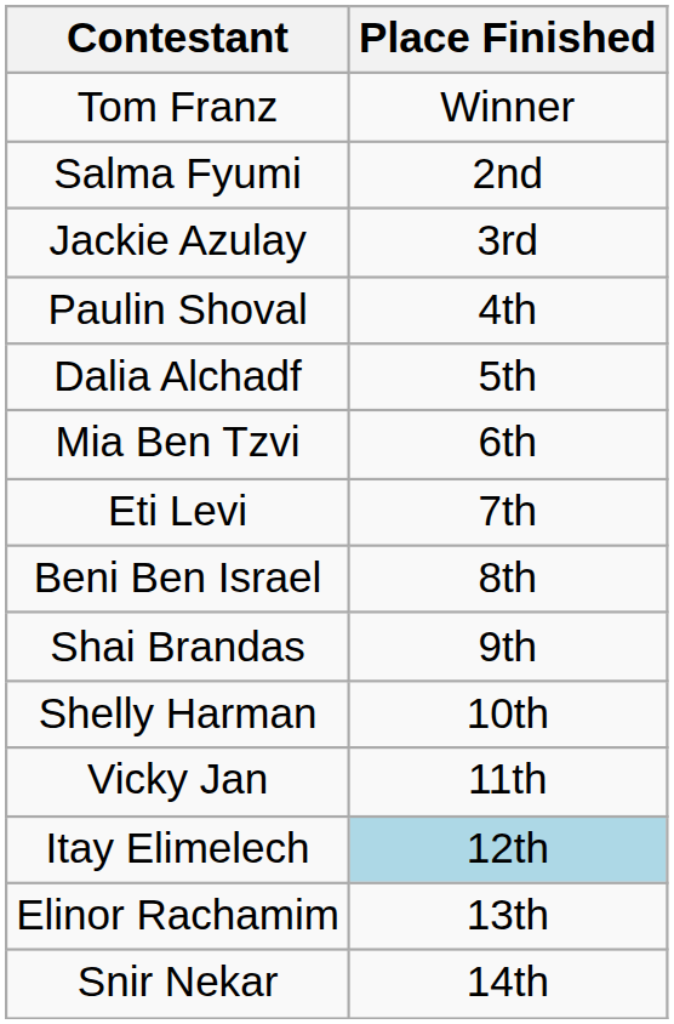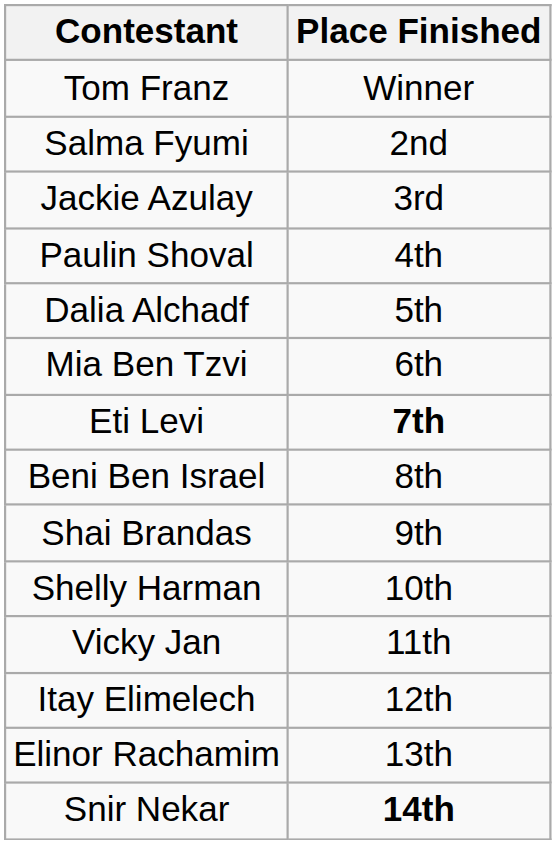 <table class="wikitable" style="text-align:center">
 <tr>
 <th>Contestant</th>
 <th>Place Finished</th>
 </tr>
 <tr>
 <td>Tom Franz</td>
 <td>Winner</td>
 </tr>
 <tr>
 <td>Salma Fyumi</td>
 <td>2nd</td>
 </tr>
 <tr>
 <td>Jackie Azulay</td>
 <td>3rd</td>
 </tr>
 <tr>
 <td>Paulin Shoval</td>
 <td>4th</td>
 </tr>
 <tr>
 <td>Dalia Alchadf</td>
 <td>5th</td>
 </tr>
 <tr>
 <td>Mia Ben Tzvi</td>
 <td>6th</td>
 </tr>
 <tr>
 <td>Eti Levi</td>
-<td>7th</td>
+<td><strong>7th</strong></td>
 </tr>
 <tr>
 <td>Beni Ben Israel</td>
 <td>8th</td>
 </tr>
 <tr>
 <td>Shai Brandas</td>
 <td>9th</td>
 </tr>
 <tr>
 <td>Shelly Harman</td>
 <td>10th</td>
 </tr>
 <tr>
 <td>Vicky Jan</td>
 <td>11th</td>
 </tr>
 <tr>
 <td>Itay Elimelech</td>
-<td style="background: lightblue;">12th</td>
+<td>12th</td>
 </tr>
 <tr>
 <td>Elinor Rachamim</td>
 <td>13th</td>
 </tr>
 <tr>
 <td>Snir Nekar</td>
-<td>14th</td>
+<td><strong>14th</strong></td>
 </tr>
 </table>
